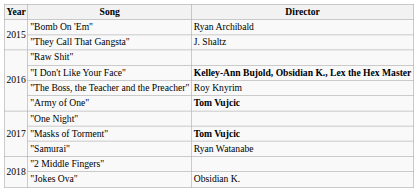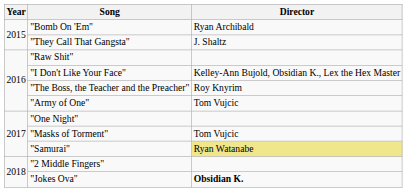 <table class="wikitable" border="1">
 <tr>
 <th>Year</th>
 <th>Song</th>
 <th>Director</th>
 </tr>
 <tr>
 <td rowspan="2">2015</td>
 <td>"Bomb On 'Em"</td>
 <td>Ryan Archibald</td>
 </tr>
 <tr>
 <td>"They Call That Gangsta"</td>
 <td>J. Shaltz</td>
 </tr>
 <tr>
 <td rowspan="4">2016</td>
 <td>"Raw Shit"</td>
 <td></td>
 </tr>
 <tr>
 <td>"I Don't Like Your Face"</td>
-<td><strong>Kelley-Ann Bujold, Obsidian K., Lex the Hex Master</strong></td>
+<td>Kelley-Ann Bujold, Obsidian K., Lex the Hex Master</td>
 </tr>
 <tr>
 <td>"The Boss, the Teacher and the Preacher"</td>
 <td>Roy Knyrim</td>
 </tr>
 <tr>
 <td>"Army of One"</td>
-<td><strong>Tom Vujcic</strong></td>
+<td>Tom Vujcic</td>
 </tr>
 <tr>
 <td rowspan="3">2017</td>
 <td>"One Night"</td>
 <td></td>
 </tr>
 <tr>
 <td>"Masks of Torment"</td>
-<td><strong>Tom Vujcic</strong></td>
+<td>Tom Vujcic</td>
 </tr>
 <tr>
 <td>"Samurai"</td>
-<td>Ryan Watanabe</td>
+<td style="background: khaki;">Ryan Watanabe</td>
 </tr>
 <tr>
 <td rowspan="2">2018</td>
 <td>"2 Middle Fingers"</td>
 <td></td>
 </tr>
 <tr>
 <td>"Jokes Ova"</td>
-<td>Obsidian K.</td>
+<td><strong>Obsidian K.</strong></td>
 </tr>
 </table>
